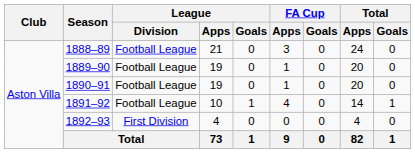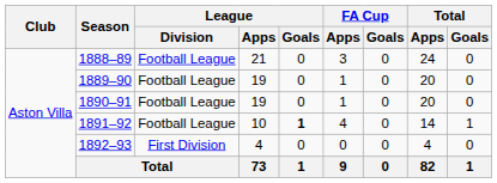 <table class=wikitable style=text-align:center>
 <tr>
 <th rowspan=2>Club</th>
 <th rowspan=2>Season</th>
 <th colspan=3>League</th>
 <th colspan=2><a href='#'>FA Cup</a></th>
 <th colspan=2>Total</th>
 </tr>
 <tr>
 <th>Division</th>
 <th>Apps</th>
 <th>Goals</th>
 <th>Apps</th>
 <th>Goals</th>
 <th>Apps</th>
 <th>Goals</th>
 </tr>
 <tr>
 <td rowspan=6><a href='#'>Aston Villa</a></td>
 <td><a href='#'>1888–89</a></td>
 <td><a href='#'>Football League</a></td>
 <td>21</td>
 <td>0</td>
 <td>3</td>
 <td>0</td>
 <td>24</td>
 <td>0</td>
 </tr>
 <tr>
 <td><a href='#'>1889–90</a></td>
 <td>Football League</td>
 <td>19</td>
 <td>0</td>
 <td>1</td>
 <td>0</td>
 <td>20</td>
 <td>0</td>
 </tr>
 <tr>
 <td><a href='#'>1890–91</a></td>
 <td>Football League</td>
 <td>19</td>
 <td>0</td>
 <td>1</td>
 <td>0</td>
 <td>20</td>
 <td>0</td>
 </tr>
 <tr>
 <td><a href='#'>1891–92</a></td>
 <td>Football League</td>
 <td>10</td>
-<td>1</td>
+<td><strong>1</strong></td>
 <td>4</td>
 <td>0</td>
 <td>14</td>
 <td>1</td>
 </tr>
 <tr>
 <td><a href='#'>1892–93</a></td>
 <td><a href='#'>First Division</a></td>
 <td>4</td>
 <td>0</td>
 <td>0</td>
 <td>0</td>
 <td>4</td>
 <td>0</td>
 </tr>
 <tr>
 <th colspan="2">Total</th>
 <th>73</th>
 <th>1</th>
 <th>9</th>
 <th>0</th>
 <th>82</th>
 <th>1</th>
 </tr>
 </table>
